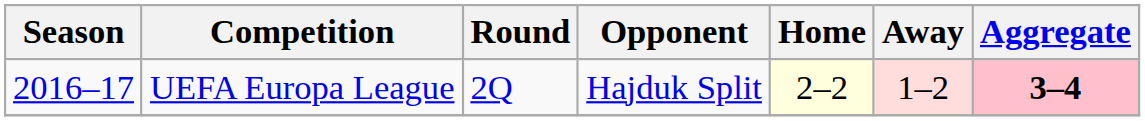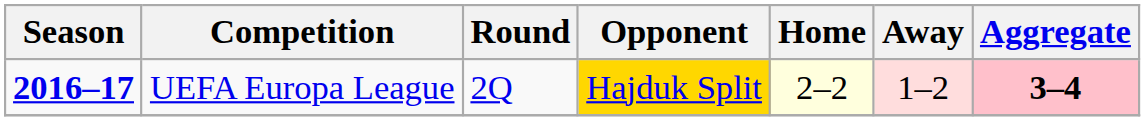 <table class="wikitable">
 <tr>
 <th>Season</th>
 <th>Competition</th>
 <th>Round</th>
 <th>Opponent</th>
 <th>Home</th>
 <th>Away</th>
 <th><a href='#'>Aggregate</a></th>
 </tr>
 <tr>
-<td><a href='#'>2016–17</a></td>
+<td><strong><a href='#'>2016–17</a></strong></td>
 <td><a href='#'>UEFA Europa League</a></td>
 <td><a href='#'>2Q</a></td>
-<td> <a href='#'>Hajduk Split</a></td>
+<td style="background: gold;"> <a href='#'>Hajduk Split</a></td>
 <td align="center" bgcolor="#ffffdd" style="text-align:center;">2–2</td>
 <td align="center" align="center" bgcolor="#ffdddd" style="text-align:center;">1–2</td>
 <td align="center" bgcolor=pink style="text-align:center;"><strong>3–4</strong></td>
 </tr>
 <tr>
 </tr>
 </table>
